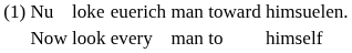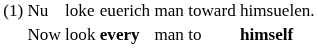 <table>
 <tr>
 <td>(1)</td>
 <td>Nu</td>
 <td>loke</td>
 <td>euerich</td>
 <td>man</td>
 <td>toward</td>
 <td>himsuelen.</td>
 </tr>
 <tr>
 <td></td>
 <td>Now</td>
 <td>look</td>
-<td>every</td>
+<td><strong>every</strong></td>
 <td>man</td>
 <td>to</td>
-<td>himself</td>
+<td><strong>himself</strong></td>
 </tr>
 </table>
